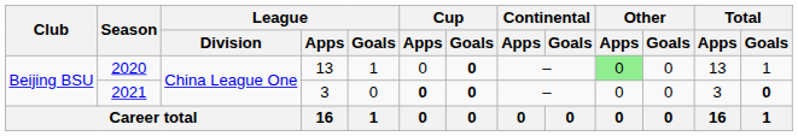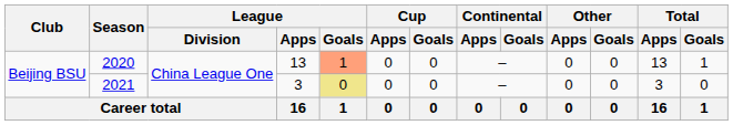 <table class="wikitable" style="text-align: center">
 <tr>
 <th rowspan="2">Club</th>
 <th rowspan="2">Season</th>
 <th colspan="3">League</th>
 <th colspan="2">Cup</th>
 <th colspan="2">Continental</th>
 <th colspan="2">Other</th>
 <th colspan="2">Total</th>
 </tr>
 <tr>
 <th>Division</th>
 <th>Apps</th>
 <th>Goals</th>
 <th>Apps</th>
 <th>Goals</th>
 <th>Apps</th>
 <th>Goals</th>
 <th>Apps</th>
 <th>Goals</th>
 <th>Apps</th>
 <th>Goals</th>
 </tr>
 <tr>
 <td rowspan="2"><a href='#'>Beijing BSU</a></td>
 <td><a href='#'>2020</a></td>
 <td rowspan="2"><a href='#'>China League One</a></td>
 <td>13</td>
-<td>1</td>
+<td style="background: lightsalmon;">1</td>
 <td>0</td>
-<td><strong>0</strong></td>
+<td>0</td>
 <td colspan="2">–</td>
-<td style="background: lightgreen;">0</td>
+<td>0</td>
 <td>0</td>
 <td>13</td>
 <td>1</td>
 </tr>
 <tr>
 <td><a href='#'>2021</a></td>
 <td>3</td>
+<td style="background: khaki;">0</td>
 <td>0</td>
-<td><strong>0</strong></td>
-<td><strong>0</strong></td>
+<td>0</td>
 <td colspan="2">–</td>
 <td>0</td>
 <td>0</td>
 <td>3</td>
-<td><strong>0</strong></td>
+<td>0</td>
 </tr>
 <tr>
 <th colspan=3>Career total</th>
 <th>16</th>
 <th>1</th>
 <th>0</th>
 <th>0</th>
 <th>0</th>
 <th>0</th>
 <th>0</th>
 <th>0</th>
 <th>16</th>
 <th>1</th>
 </tr>
 </table>
